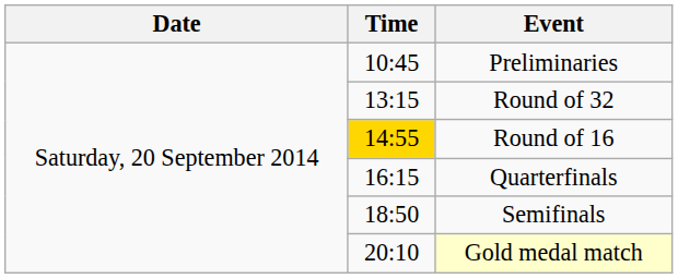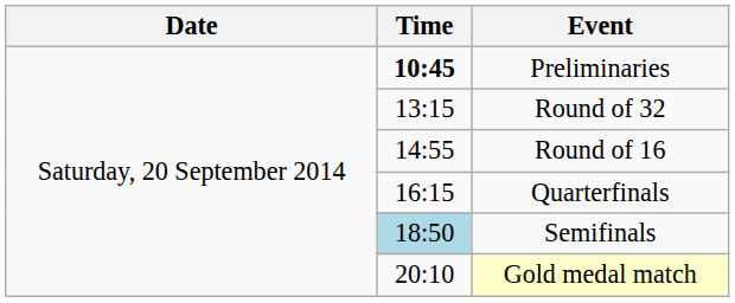 <table class = "wikitable" style="text-align:center;">
 <tr>
 <th width=220>Date</th>
 <th width=50>Time</th>
 <th width=150>Event</th>
 </tr>
 <tr>
 <td rowspan=6>Saturday, 20 September 2014</td>
-<td>10:45</td>
+<td><strong>10:45</strong></td>
 <td>Preliminaries</td>
 </tr>
 <tr>
 <td>13:15</td>
 <td>Round of 32</td>
 </tr>
 <tr>
-<td style="background: gold;">14:55</td>
+<td>14:55</td>
 <td>Round of 16</td>
 </tr>
 <tr>
 <td>16:15</td>
 <td>Quarterfinals</td>
 </tr>
 <tr>
-<td>18:50</td>
+<td style="background: lightblue;">18:50</td>
 <td>Semifinals</td>
 </tr>
 <tr>
 <td>20:10</td>
 <td bgcolor=ffffcc>Gold medal match</td>
 </tr>
 </table>
